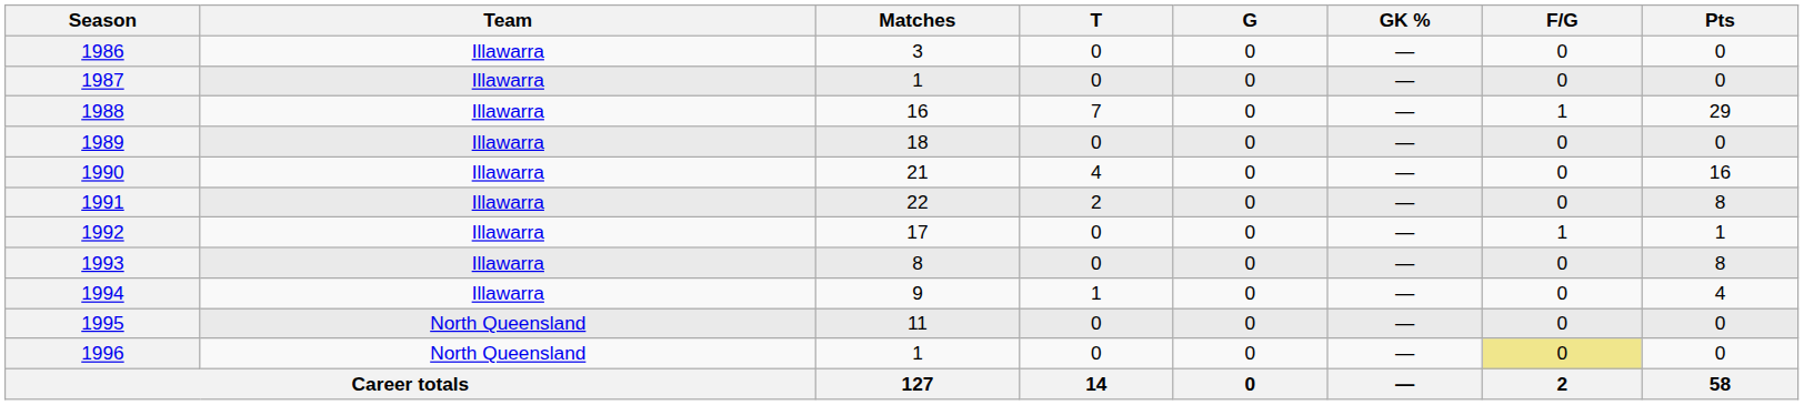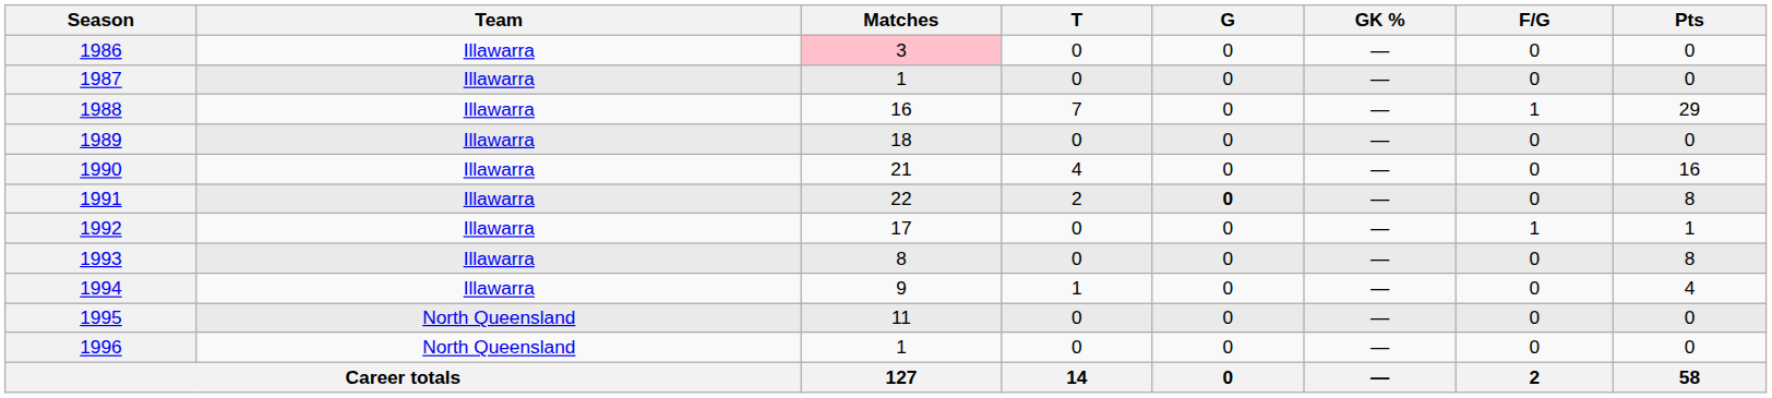 <table class="wikitable sortable"  style="font-size:90%; text-align:center; width:85%;">
 <tr>
 <th width=2%>Season</th>
 <th width=8%>Team</th>
 <th width=2%>Matches</th>
 <th width=2%>T</th>
 <th width=2%>G</th>
 <th width=2%>GK %</th>
 <th width=2%>F/G</th>
 <th width=2%>Pts</th>
 </tr>
 <tr>
 <th scope="row" style="text-align:center; font-weight:normal"><a href='#'>1986</a></th>
 <td style="text-align:center;"> <a href='#'>Illawarra</a></td>
-<td>3</td>
+<td style="background: pink;">3</td>
 <td>0</td>
 <td>0</td>
 <td>—</td>
 <td>0</td>
 <td>0</td>
 </tr>
 <tr style="background-color: #EAEAEA">
 <th scope="row" style="text-align:center; font-weight:normal"><a href='#'>1987</a></th>
 <td style="text-align:center;"> <a href='#'>Illawarra</a></td>
 <td>1</td>
 <td>0</td>
 <td>0</td>
 <td>—</td>
 <td>0</td>
 <td>0</td>
 </tr>
 <tr>
 <th scope="row" style="text-align:center; font-weight:normal"><a href='#'>1988</a></th>
 <td style="text-align:center;"> <a href='#'>Illawarra</a></td>
 <td>16</td>
 <td>7</td>
 <td>0</td>
 <td>—</td>
 <td>1</td>
 <td>29</td>
 </tr>
 <tr style="background-color: #EAEAEA">
 <th scope="row" style="text-align:center; font-weight:normal"><a href='#'>1989</a></th>
 <td style="text-align:center;"> <a href='#'>Illawarra</a></td>
 <td>18</td>
 <td>0</td>
 <td>0</td>
 <td>—</td>
 <td>0</td>
 <td>0</td>
 </tr>
 <tr>
 <th scope="row" style="text-align:center; font-weight:normal"><a href='#'>1990</a></th>
 <td style="text-align:center;"> <a href='#'>Illawarra</a></td>
 <td>21</td>
 <td>4</td>
 <td>0</td>
 <td>—</td>
 <td>0</td>
 <td>16</td>
 </tr>
 <tr style="background-color: #EAEAEA">
 <th scope="row" style="text-align:center; font-weight:normal"><a href='#'>1991</a></th>
 <td style="text-align:center;"> <a href='#'>Illawarra</a></td>
 <td>22</td>
 <td>2</td>
-<td>0</td>
+<td><strong>0</strong></td>
 <td>—</td>
 <td>0</td>
 <td>8</td>
 </tr>
 <tr>
 <th scope="row" style="text-align:center; font-weight:normal"><a href='#'>1992</a></th>
 <td style="text-align:center;"> <a href='#'>Illawarra</a></td>
 <td>17</td>
 <td>0</td>
 <td>0</td>
 <td>—</td>
 <td>1</td>
 <td>1</td>
 </tr>
 <tr style="background-color: #EAEAEA">
 <th scope="row" style="text-align:center; font-weight:normal"><a href='#'>1993</a></th>
 <td style="text-align:center;"> <a href='#'>Illawarra</a></td>
 <td>8</td>
 <td>0</td>
 <td>0</td>
 <td>—</td>
 <td>0</td>
 <td>8</td>
 </tr>
 <tr>
 <th scope="row" style="text-align:center; font-weight:normal"><a href='#'>1994</a></th>
 <td style="text-align:center;"> <a href='#'>Illawarra</a></td>
 <td>9</td>
 <td>1</td>
 <td>0</td>
 <td>—</td>
 <td>0</td>
 <td>4</td>
 </tr>
 <tr style="background-color: #EAEAEA">
 <th scope="row" style="text-align:center; font-weight:normal"><a href='#'>1995</a></th>
 <td style="text-align:center;"> <a href='#'>North Queensland</a></td>
 <td>11</td>
 <td>0</td>
 <td>0</td>
 <td>—</td>
 <td>0</td>
 <td>0</td>
 </tr>
 <tr>
 <th scope="row" style="text-align:center; font-weight:normal"><a href='#'>1996</a></th>
 <td style="text-align:center;"> <a href='#'>North Queensland</a></td>
 <td>1</td>
 <td>0</td>
 <td>0</td>
 <td>—</td>
-<td style="background: khaki;">0</td>
+<td>0</td>
 <td>0</td>
 </tr>
 <tr class="sortbottom">
 <th colspan=2>Career totals</th>
 <th>127</th>
 <th>14</th>
 <th>0</th>
 <th>—</th>
 <th>2</th>
 <th>58</th>
 </tr>
 </table>
